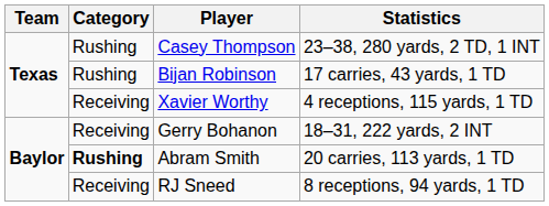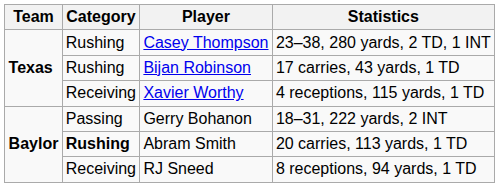 <table class="wikitable" style="float: right;">
 <tr>
 <th>Team</th>
 <th>Category</th>
 <th>Player</th>
 <th>Statistics</th>
 </tr>
 <tr>
 <td rowspan=3><strong>Texas</strong></td>
 <td>Rushing</td>
 <td><a href='#'>Casey Thompson</a></td>
 <td>23–38, 280 yards, 2 TD, 1 INT</td>
 </tr>
 <tr>
 <td>Rushing</td>
 <td><a href='#'>Bijan Robinson</a></td>
 <td>17 carries, 43 yards, 1 TD</td>
 </tr>
 <tr>
 <td>Receiving</td>
 <td><a href='#'>Xavier Worthy</a></td>
 <td>4 receptions, 115 yards, 1 TD</td>
 </tr>
 <tr>
 <td rowspan=3><strong>Baylor</strong></td>
-<td>Receiving</td>
+<td>Passing</td>
 <td>Gerry Bohanon</td>
 <td>18–31, 222 yards, 2 INT</td>
 </tr>
 <tr>
 <td><strong>Rushing</strong></td>
 <td>Abram Smith</td>
 <td>20 carries, 113 yards, 1 TD</td>
 </tr>
 <tr>
 <td>Receiving</td>
 <td>RJ Sneed</td>
 <td>8 receptions, 94 yards, 1 TD</td>
 </tr>
 </table>
